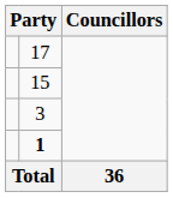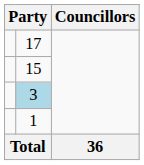 <table class="wikitable">
 <tr>
 <th colspan=2>Party</th>
 <th>Councillors</th>
 </tr>
 <tr>
 <td></td>
 <td align=center>17</td>
 </tr>
 <tr>
 <td></td>
 <td align=center>15</td>
 </tr>
 <tr>
 <td></td>
-<td align=center>3</td>
+<td align=center style="background: lightblue;">3</td>
 </tr>
 <tr>
 <td></td>
-<td align=center><strong>1</strong></td>
+<td align=center>1</td>
 </tr>
 <tr>
 <th colspan=2>Total</th>
 <th align=center>36</th>
 </tr>
 </table>
